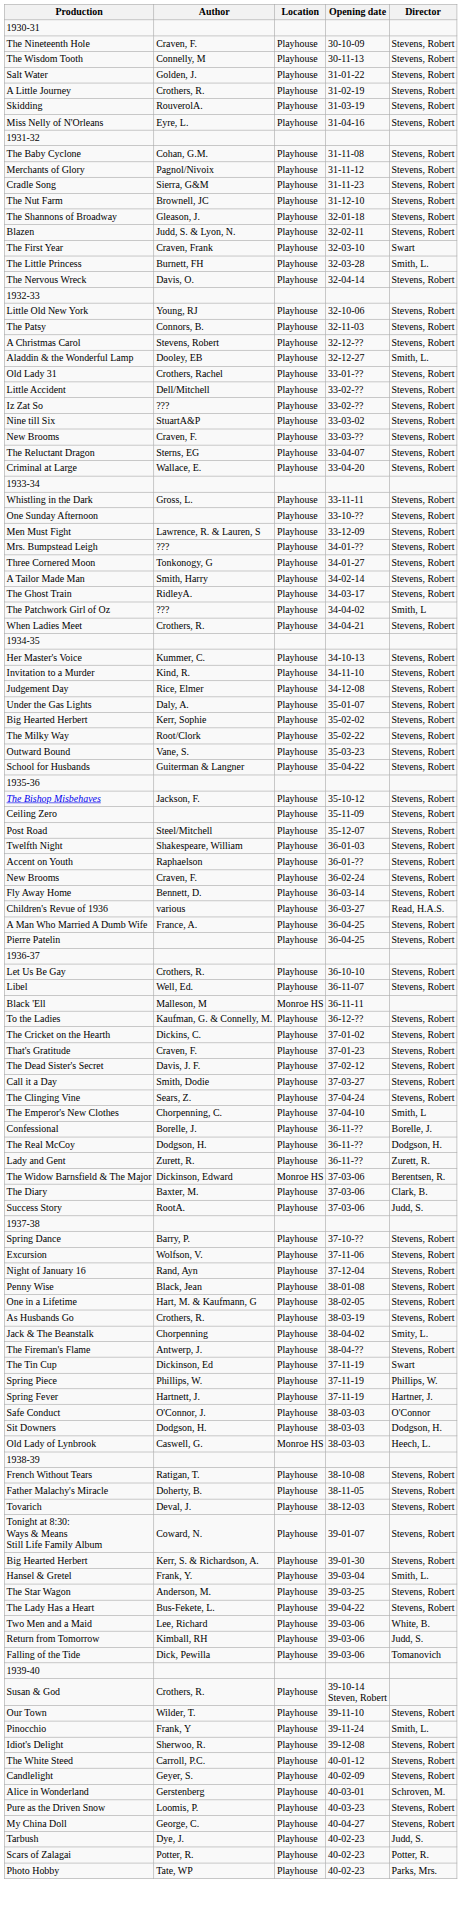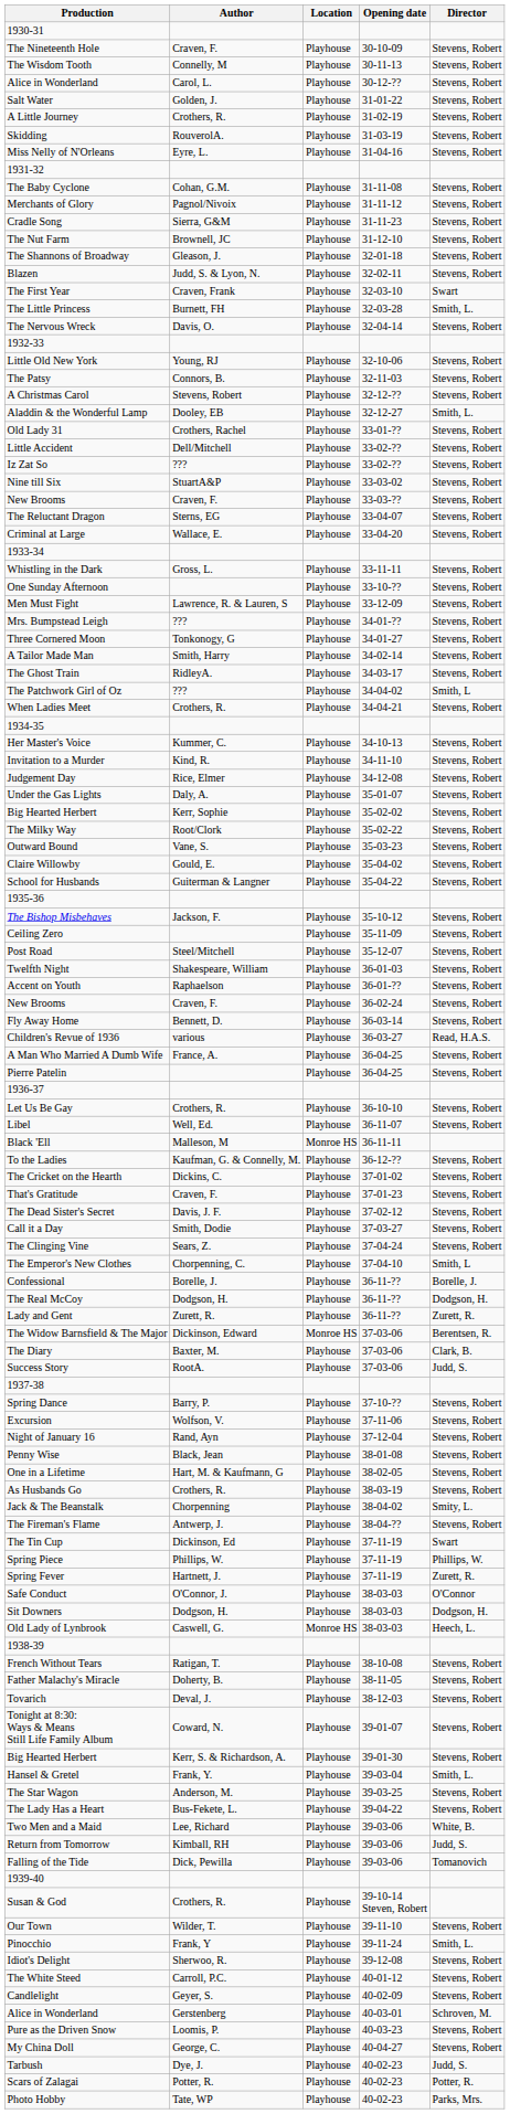 <table class="wikitable" border="1">
 <tr>
 <th>Production</th>
 <th>Author</th>
 <th>Location</th>
 <th>Opening date</th>
 <th>Director</th>
 </tr>
 <tr>
 <td>1930-31</td>
 <td></td>
 <td></td>
 <td></td>
 <td></td>
 </tr>
 <tr>
 <td>The Nineteenth Hole</td>
 <td>Craven, F.</td>
 <td>Playhouse</td>
 <td>30-10-09</td>
 <td>Stevens, Robert</td>
 </tr>
 <tr>
 <td>The Wisdom Tooth</td>
 <td>Connelly, M</td>
 <td>Playhouse</td>
 <td>30-11-13</td>
+<td>Stevens, Robert</td>
+</tr>
+<tr>
+<td>Alice in Wonderland</td>
+<td>Carol, L.</td>
+<td>Playhouse</td>
+<td>30-12-??</td>
 <td>Stevens, Robert</td>
 </tr>
 <tr>
 <td>Salt Water</td>
 <td>Golden, J.</td>
 <td>Playhouse</td>
 <td>31-01-22</td>
 <td>Stevens, Robert</td>
 </tr>
 <tr>
 <td>A Little Journey</td>
 <td>Crothers, R.</td>
 <td>Playhouse</td>
 <td>31-02-19</td>
 <td>Stevens, Robert</td>
 </tr>
 <tr>
 <td>Skidding</td>
 <td>RouverolA.</td>
 <td>Playhouse</td>
 <td>31-03-19</td>
 <td>Stevens, Robert</td>
 </tr>
 <tr>
 <td>Miss Nelly of N'Orleans</td>
 <td>Eyre, L.</td>
 <td>Playhouse</td>
 <td>31-04-16</td>
 <td>Stevens, Robert</td>
 </tr>
 <tr>
 <td>1931-32</td>
 <td></td>
 <td></td>
 <td></td>
 <td></td>
 </tr>
 <tr>
 <td>The Baby Cyclone</td>
 <td>Cohan, G.M.</td>
 <td>Playhouse</td>
 <td>31-11-08</td>
 <td>Stevens, Robert</td>
 </tr>
 <tr>
 <td>Merchants of Glory</td>
 <td>Pagnol/Nivoix</td>
 <td>Playhouse</td>
 <td>31-11-12</td>
 <td>Stevens, Robert</td>
 </tr>
 <tr>
 <td>Cradle Song</td>
 <td>Sierra, G&M</td>
 <td>Playhouse</td>
 <td>31-11-23</td>
 <td>Stevens, Robert</td>
 </tr>
 <tr>
 <td>The Nut Farm</td>
 <td>Brownell, JC</td>
 <td>Playhouse</td>
 <td>31-12-10</td>
 <td>Stevens, Robert</td>
 </tr>
 <tr>
 <td>The Shannons of Broadway</td>
 <td>Gleason, J.</td>
 <td>Playhouse</td>
 <td>32-01-18</td>
 <td>Stevens, Robert</td>
 </tr>
 <tr>
 <td>Blazen</td>
 <td>Judd, S. & Lyon, N.</td>
 <td>Playhouse</td>
 <td>32-02-11</td>
 <td>Stevens, Robert</td>
 </tr>
 <tr>
 <td>The First Year</td>
 <td>Craven, Frank</td>
 <td>Playhouse</td>
 <td>32-03-10</td>
 <td>Swart</td>
 </tr>
 <tr>
 <td>The Little Princess</td>
 <td>Burnett, FH</td>
 <td>Playhouse</td>
 <td>32-03-28</td>
 <td>Smith, L.</td>
 </tr>
 <tr>
 <td>The Nervous Wreck</td>
 <td>Davis, O.</td>
 <td>Playhouse</td>
 <td>32-04-14</td>
 <td>Stevens, Robert</td>
 </tr>
 <tr>
 <td>1932-33</td>
 <td></td>
 <td></td>
 <td></td>
 <td></td>
 </tr>
 <tr>
 <td>Little Old New York</td>
 <td>Young, RJ</td>
 <td>Playhouse</td>
 <td>32-10-06</td>
 <td>Stevens, Robert</td>
 </tr>
 <tr>
 <td>The Patsy</td>
 <td>Connors, B.</td>
 <td>Playhouse</td>
 <td>32-11-03</td>
 <td>Stevens, Robert</td>
 </tr>
 <tr>
 <td>A Christmas Carol</td>
 <td>Stevens, Robert</td>
 <td>Playhouse</td>
 <td>32-12-??</td>
 <td>Stevens, Robert</td>
 </tr>
 <tr>
 <td>Aladdin & the Wonderful Lamp</td>
 <td>Dooley, EB</td>
 <td>Playhouse</td>
 <td>32-12-27</td>
 <td>Smith, L.</td>
 </tr>
 <tr>
 <td>Old Lady 31</td>
 <td>Crothers, Rachel</td>
 <td>Playhouse</td>
 <td>33-01-??</td>
 <td>Stevens, Robert</td>
 </tr>
 <tr>
 <td>Little Accident</td>
 <td>Dell/Mitchell</td>
 <td>Playhouse</td>
 <td>33-02-??</td>
 <td>Stevens, Robert</td>
 </tr>
 <tr>
 <td>Iz Zat So</td>
 <td>???</td>
 <td>Playhouse</td>
 <td>33-02-??</td>
 <td>Stevens, Robert</td>
 </tr>
 <tr>
 <td>Nine till Six</td>
 <td>StuartA&P</td>
 <td>Playhouse</td>
 <td>33-03-02</td>
 <td>Stevens, Robert</td>
 </tr>
 <tr>
 <td>New Brooms</td>
 <td>Craven, F.</td>
 <td>Playhouse</td>
 <td>33-03-??</td>
 <td>Stevens, Robert</td>
 </tr>
 <tr>
 <td>The Reluctant Dragon</td>
 <td>Sterns, EG</td>
 <td>Playhouse</td>
 <td>33-04-07</td>
 <td>Stevens, Robert</td>
 </tr>
 <tr>
 <td>Criminal at Large</td>
 <td>Wallace, E.</td>
 <td>Playhouse</td>
 <td>33-04-20</td>
 <td>Stevens, Robert</td>
 </tr>
 <tr>
 <td>1933-34</td>
 <td></td>
 <td></td>
 <td></td>
 <td></td>
 </tr>
 <tr>
 <td>Whistling in the Dark</td>
 <td>Gross, L.</td>
 <td>Playhouse</td>
 <td>33-11-11</td>
 <td>Stevens, Robert</td>
 </tr>
 <tr>
 <td>One Sunday Afternoon</td>
 <td></td>
 <td>Playhouse</td>
 <td>33-10-??</td>
 <td>Stevens, Robert</td>
 </tr>
 <tr>
 <td>Men Must Fight</td>
 <td>Lawrence, R. & Lauren, S</td>
 <td>Playhouse</td>
 <td>33-12-09</td>
 <td>Stevens, Robert</td>
 </tr>
 <tr>
 <td>Mrs. Bumpstead Leigh</td>
 <td>???</td>
 <td>Playhouse</td>
 <td>34-01-??</td>
 <td>Stevens, Robert</td>
 </tr>
 <tr>
 <td>Three Cornered Moon</td>
 <td>Tonkonogy, G</td>
 <td>Playhouse</td>
 <td>34-01-27</td>
 <td>Stevens, Robert</td>
 </tr>
 <tr>
 <td>A Tailor Made Man</td>
 <td>Smith, Harry</td>
 <td>Playhouse</td>
 <td>34-02-14</td>
 <td>Stevens, Robert</td>
 </tr>
 <tr>
 <td>The Ghost Train</td>
 <td>RidleyA.</td>
 <td>Playhouse</td>
 <td>34-03-17</td>
 <td>Stevens, Robert</td>
 </tr>
 <tr>
 <td>The Patchwork Girl of Oz</td>
 <td>???</td>
 <td>Playhouse</td>
 <td>34-04-02</td>
 <td>Smith, L</td>
 </tr>
 <tr>
 <td>When Ladies Meet</td>
 <td>Crothers, R.</td>
 <td>Playhouse</td>
 <td>34-04-21</td>
 <td>Stevens, Robert</td>
 </tr>
 <tr>
 <td>1934-35</td>
 <td></td>
 <td></td>
 <td></td>
 <td></td>
 </tr>
 <tr>
 <td>Her Master's Voice</td>
 <td>Kummer, C.</td>
 <td>Playhouse</td>
 <td>34-10-13</td>
 <td>Stevens, Robert</td>
 </tr>
 <tr>
 <td>Invitation to a Murder</td>
 <td>Kind, R.</td>
 <td>Playhouse</td>
 <td>34-11-10</td>
 <td>Stevens, Robert</td>
 </tr>
 <tr>
 <td>Judgement Day</td>
 <td>Rice, Elmer</td>
 <td>Playhouse</td>
 <td>34-12-08</td>
 <td>Stevens, Robert</td>
 </tr>
 <tr>
 <td>Under the Gas Lights</td>
 <td>Daly, A.</td>
 <td>Playhouse</td>
 <td>35-01-07</td>
 <td>Stevens, Robert</td>
 </tr>
 <tr>
 <td>Big Hearted Herbert</td>
 <td>Kerr, Sophie</td>
 <td>Playhouse</td>
 <td>35-02-02</td>
 <td>Stevens, Robert</td>
 </tr>
 <tr>
 <td>The Milky Way</td>
 <td>Root/Clork</td>
 <td>Playhouse</td>
 <td>35-02-22</td>
 <td>Stevens, Robert</td>
 </tr>
 <tr>
 <td>Outward Bound</td>
 <td>Vane, S.</td>
 <td>Playhouse</td>
 <td>35-03-23</td>
 <td>Stevens, Robert</td>
 </tr>
 <tr>
+<td>Claire Willowby</td>
+<td>Gould, E.</td>
+<td>Playhouse</td>
+<td>35-04-02</td>
+<td>Stevens, Robert</td>
+</tr>
+<tr>
 <td>School for Husbands</td>
 <td>Guiterman & Langner</td>
 <td>Playhouse</td>
 <td>35-04-22</td>
 <td>Stevens, Robert</td>
 </tr>
 <tr>
 <td>1935-36</td>
 <td></td>
 <td></td>
 <td></td>
 <td></td>
 </tr>
 <tr>
 <td><em><a href='#'>The Bishop Misbehaves</a></em></td>
 <td>Jackson, F.</td>
 <td>Playhouse</td>
 <td>35-10-12</td>
 <td>Stevens, Robert</td>
 </tr>
 <tr>
 <td>Ceiling Zero</td>
 <td></td>
 <td>Playhouse</td>
 <td>35-11-09</td>
 <td>Stevens, Robert</td>
 </tr>
 <tr>
 <td>Post Road</td>
 <td>Steel/Mitchell</td>
 <td>Playhouse</td>
 <td>35-12-07</td>
 <td>Stevens, Robert</td>
 </tr>
 <tr>
 <td>Twelfth Night</td>
 <td>Shakespeare, William</td>
 <td>Playhouse</td>
 <td>36-01-03</td>
 <td>Stevens, Robert</td>
 </tr>
 <tr>
 <td>Accent on Youth</td>
 <td>Raphaelson</td>
 <td>Playhouse</td>
 <td>36-01-??</td>
 <td>Stevens, Robert</td>
 </tr>
 <tr>
 <td>New Brooms</td>
 <td>Craven, F.</td>
 <td>Playhouse</td>
 <td>36-02-24</td>
 <td>Stevens, Robert</td>
 </tr>
 <tr>
 <td>Fly Away Home</td>
 <td>Bennett, D.</td>
 <td>Playhouse</td>
 <td>36-03-14</td>
 <td>Stevens, Robert</td>
 </tr>
 <tr>
 <td>Children's Revue of 1936</td>
 <td>various</td>
 <td>Playhouse</td>
 <td>36-03-27</td>
 <td>Read, H.A.S.</td>
 </tr>
 <tr>
 <td>A Man Who Married A Dumb Wife</td>
 <td>France, A.</td>
 <td>Playhouse</td>
 <td>36-04-25</td>
 <td>Stevens, Robert</td>
 </tr>
 <tr>
 <td>Pierre Patelin</td>
 <td></td>
 <td>Playhouse</td>
 <td>36-04-25</td>
 <td>Stevens, Robert</td>
 </tr>
 <tr>
 <td>1936-37</td>
 <td></td>
 <td></td>
 <td></td>
 <td></td>
 </tr>
 <tr>
 <td>Let Us Be Gay</td>
 <td>Crothers, R.</td>
 <td>Playhouse</td>
 <td>36-10-10</td>
 <td>Stevens, Robert</td>
 </tr>
 <tr>
 <td>Libel</td>
 <td>Well, Ed.</td>
 <td>Playhouse</td>
 <td>36-11-07</td>
 <td>Stevens, Robert</td>
 </tr>
 <tr>
 <td>Black 'Ell</td>
 <td>Malleson, M</td>
 <td>Monroe HS</td>
 <td>36-11-11</td>
 <td></td>
 </tr>
 <tr>
 <td>To the Ladies</td>
 <td>Kaufman, G. & Connelly, M.</td>
 <td>Playhouse</td>
 <td>36-12-??</td>
 <td>Stevens, Robert</td>
 </tr>
 <tr>
 <td>The Cricket on the Hearth</td>
 <td>Dickins, C.</td>
 <td>Playhouse</td>
 <td>37-01-02</td>
 <td>Stevens, Robert</td>
 </tr>
 <tr>
 <td>That's Gratitude</td>
 <td>Craven, F.</td>
 <td>Playhouse</td>
 <td>37-01-23</td>
 <td>Stevens, Robert</td>
 </tr>
 <tr>
 <td>The Dead Sister's Secret</td>
 <td>Davis, J. F.</td>
 <td>Playhouse</td>
 <td>37-02-12</td>
 <td>Stevens, Robert</td>
 </tr>
 <tr>
 <td>Call it a Day</td>
 <td>Smith, Dodie</td>
 <td>Playhouse</td>
 <td>37-03-27</td>
 <td>Stevens, Robert</td>
 </tr>
 <tr>
 <td>The Clinging Vine</td>
 <td>Sears, Z.</td>
 <td>Playhouse</td>
 <td>37-04-24</td>
 <td>Stevens, Robert</td>
 </tr>
 <tr>
 <td>The Emperor's New Clothes</td>
 <td>Chorpenning, C.</td>
 <td>Playhouse</td>
 <td>37-04-10</td>
 <td>Smith, L</td>
 </tr>
 <tr>
 <td>Confessional</td>
 <td>Borelle, J.</td>
 <td>Playhouse</td>
 <td>36-11-??</td>
 <td>Borelle, J.</td>
 </tr>
 <tr>
 <td>The Real McCoy</td>
 <td>Dodgson, H.</td>
 <td>Playhouse</td>
 <td>36-11-??</td>
 <td>Dodgson, H.</td>
 </tr>
 <tr>
 <td>Lady and Gent</td>
 <td>Zurett, R.</td>
 <td>Playhouse</td>
 <td>36-11-??</td>
 <td>Zurett, R.</td>
 </tr>
 <tr>
 <td>The Widow Barnsfield & The Major</td>
 <td>Dickinson, Edward</td>
 <td>Monroe HS</td>
 <td>37-03-06</td>
 <td>Berentsen, R.</td>
 </tr>
 <tr>
 <td>The Diary</td>
 <td>Baxter, M.</td>
 <td>Playhouse</td>
 <td>37-03-06</td>
 <td>Clark, B.</td>
 </tr>
 <tr>
 <td>Success Story</td>
 <td>RootA.</td>
 <td>Playhouse</td>
 <td>37-03-06</td>
 <td>Judd, S.</td>
 </tr>
 <tr>
 <td>1937-38</td>
 <td></td>
 <td></td>
 <td></td>
 <td></td>
 </tr>
 <tr>
 <td>Spring Dance</td>
 <td>Barry, P.</td>
 <td>Playhouse</td>
 <td>37-10-??</td>
 <td>Stevens, Robert</td>
 </tr>
 <tr>
 <td>Excursion</td>
 <td>Wolfson, V.</td>
 <td>Playhouse</td>
 <td>37-11-06</td>
 <td>Stevens, Robert</td>
 </tr>
 <tr>
 <td>Night of January 16</td>
 <td>Rand, Ayn</td>
 <td>Playhouse</td>
 <td>37-12-04</td>
 <td>Stevens, Robert</td>
 </tr>
 <tr>
 <td>Penny Wise</td>
 <td>Black, Jean</td>
 <td>Playhouse</td>
 <td>38-01-08</td>
 <td>Stevens, Robert</td>
 </tr>
 <tr>
 <td>One in a Lifetime</td>
 <td>Hart, M. & Kaufmann, G</td>
 <td>Playhouse</td>
 <td>38-02-05</td>
 <td>Stevens, Robert</td>
 </tr>
 <tr>
 <td>As Husbands Go</td>
 <td>Crothers, R.</td>
 <td>Playhouse</td>
 <td>38-03-19</td>
 <td>Stevens, Robert</td>
 </tr>
 <tr>
 <td>Jack & The Beanstalk</td>
 <td>Chorpenning</td>
 <td>Playhouse</td>
 <td>38-04-02</td>
 <td>Smity, L.</td>
 </tr>
 <tr>
 <td>The Fireman's Flame</td>
 <td>Antwerp, J.</td>
 <td>Playhouse</td>
 <td>38-04-??</td>
 <td>Stevens, Robert</td>
 </tr>
 <tr>
 <td>The Tin Cup</td>
 <td>Dickinson, Ed</td>
 <td>Playhouse</td>
 <td>37-11-19</td>
 <td>Swart</td>
 </tr>
 <tr>
 <td>Spring Piece</td>
 <td>Phillips, W.</td>
 <td>Playhouse</td>
 <td>37-11-19</td>
 <td>Phillips, W.</td>
 </tr>
 <tr>
 <td>Spring Fever</td>
 <td>Hartnett, J.</td>
 <td>Playhouse</td>
 <td>37-11-19</td>
-<td>Hartner, J.</td>
+<td>Zurett, R.</td>
 </tr>
 <tr>
 <td>Safe Conduct</td>
 <td>O'Connor, J.</td>
 <td>Playhouse</td>
 <td>38-03-03</td>
 <td>O'Connor</td>
 </tr>
 <tr>
 <td>Sit Downers</td>
 <td>Dodgson, H.</td>
 <td>Playhouse</td>
 <td>38-03-03</td>
 <td>Dodgson, H.</td>
 </tr>
 <tr>
 <td>Old Lady of Lynbrook</td>
 <td>Caswell, G.</td>
 <td>Monroe HS</td>
 <td>38-03-03</td>
 <td>Heech, L.</td>
 </tr>
 <tr>
 <td>1938-39</td>
 <td></td>
 <td></td>
 <td></td>
 <td></td>
 </tr>
 <tr>
 <td>French Without Tears</td>
 <td>Ratigan, T.</td>
 <td>Playhouse</td>
 <td>38-10-08</td>
 <td>Stevens, Robert</td>
 </tr>
 <tr>
 <td>Father Malachy's Miracle</td>
 <td>Doherty, B.</td>
 <td>Playhouse</td>
 <td>38-11-05</td>
 <td>Stevens, Robert</td>
 </tr>
 <tr>
 <td>Tovarich</td>
 <td>Deval, J.</td>
 <td>Playhouse</td>
 <td>38-12-03</td>
 <td>Stevens, Robert</td>
 </tr>
 <tr>
 <td>Tonight at 8:30:<br>Ways & Means<br>Still Life           Family Album</td>
 <td>Coward, N.</td>
 <td>Playhouse</td>
 <td>39-01-07</td>
 <td>Stevens, Robert</td>
 </tr>
 <tr>
 <td>Big Hearted Herbert</td>
 <td>Kerr, S. & Richardson, A.</td>
 <td>Playhouse</td>
 <td>39-01-30</td>
 <td>Stevens, Robert</td>
 </tr>
 <tr>
 <td>Hansel & Gretel</td>
 <td>Frank, Y.</td>
 <td>Playhouse</td>
 <td>39-03-04</td>
 <td>Smith, L.</td>
 </tr>
 <tr>
 <td>The Star Wagon</td>
 <td>Anderson, M.</td>
 <td>Playhouse</td>
 <td>39-03-25</td>
 <td>Stevens, Robert</td>
 </tr>
 <tr>
 <td>The Lady Has a Heart</td>
 <td>Bus-Fekete, L.</td>
 <td>Playhouse</td>
 <td>39-04-22</td>
 <td>Stevens, Robert</td>
 </tr>
 <tr>
 <td>Two Men and a Maid</td>
 <td>Lee, Richard</td>
 <td>Playhouse</td>
 <td>39-03-06</td>
 <td>White, B.</td>
 </tr>
 <tr>
 <td>Return from Tomorrow</td>
 <td>Kimball, RH</td>
 <td>Playhouse</td>
 <td>39-03-06</td>
 <td>Judd, S.</td>
 </tr>
 <tr>
 <td>Falling of the Tide</td>
 <td>Dick, Pewilla</td>
 <td>Playhouse</td>
 <td>39-03-06</td>
 <td>Tomanovich</td>
 </tr>
 <tr>
 <td>1939-40</td>
 <td></td>
 <td></td>
 <td></td>
 <td></td>
 </tr>
 <tr>
 <td>Susan & God</td>
 <td>Crothers, R.</td>
 <td>Playhouse</td>
 <td>39-10-14<br>Steven, Robert</td>
 </tr>
 <tr>
 <td>Our Town</td>
 <td>Wilder, T.</td>
 <td>Playhouse</td>
 <td>39-11-10</td>
 <td>Stevens, Robert</td>
 </tr>
 <tr>
 <td>Pinocchio</td>
 <td>Frank, Y</td>
 <td>Playhouse</td>
 <td>39-11-24</td>
 <td>Smith, L.</td>
 </tr>
 <tr>
 <td>Idiot's Delight</td>
 <td>Sherwoo, R.</td>
 <td>Playhouse</td>
 <td>39-12-08</td>
 <td>Stevens, Robert</td>
 </tr>
 <tr>
 <td>The White Steed</td>
 <td>Carroll, P.C.</td>
 <td>Playhouse</td>
 <td>40-01-12</td>
 <td>Stevens, Robert</td>
 </tr>
 <tr>
 <td>Candlelight</td>
 <td>Geyer, S.</td>
 <td>Playhouse</td>
 <td>40-02-09</td>
 <td>Stevens, Robert</td>
 </tr>
 <tr>
 <td>Alice in Wonderland</td>
 <td>Gerstenberg</td>
 <td>Playhouse</td>
 <td>40-03-01</td>
 <td>Schroven, M.</td>
 </tr>
 <tr>
 <td>Pure as the Driven Snow</td>
 <td>Loomis, P.</td>
 <td>Playhouse</td>
 <td>40-03-23</td>
 <td>Stevens, Robert</td>
 </tr>
 <tr>
 <td>My China Doll</td>
 <td>George, C.</td>
 <td>Playhouse</td>
 <td>40-04-27</td>
 <td>Stevens, Robert</td>
 </tr>
 <tr>
 <td>Tarbush</td>
 <td>Dye, J.</td>
 <td>Playhouse</td>
 <td>40-02-23</td>
 <td>Judd, S.</td>
 </tr>
 <tr>
 <td>Scars of Zalagai</td>
 <td>Potter, R.</td>
 <td>Playhouse</td>
 <td>40-02-23</td>
 <td>Potter, R.</td>
 </tr>
 <tr>
 <td>Photo Hobby</td>
 <td>Tate, WP</td>
 <td>Playhouse</td>
 <td>40-02-23</td>
 <td>Parks, Mrs.</td>
 </tr>
 </table>
